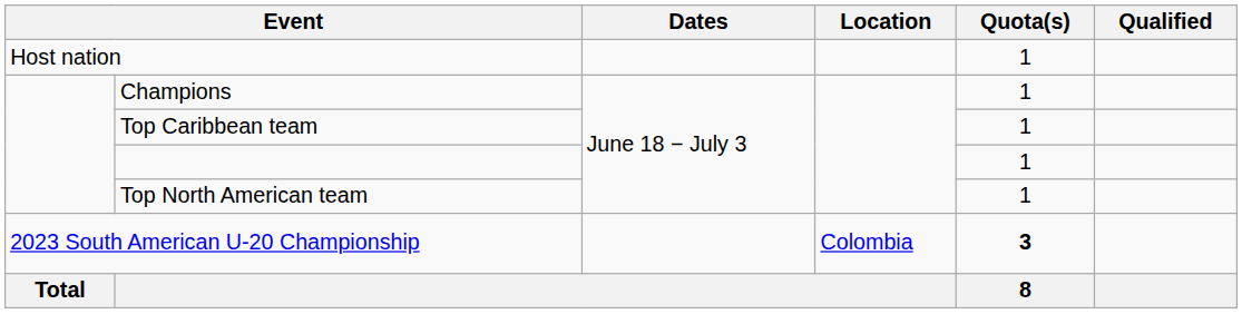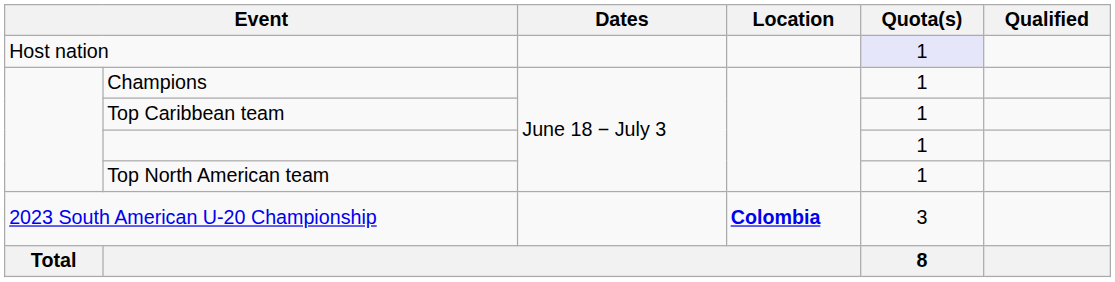 <table class="wikitable" width=900>
 <tr>
 <th colspan=2>Event</th>
 <th>Dates</th>
 <th>Location</th>
 <th>Quota(s)</th>
 <th>Qualified</th>
 </tr>
 <tr>
 <td colspan=2>Host nation</td>
 <td></td>
 <td></td>
-<td align=center>1</td>
+<td align=center style="background: lavender;">1</td>
 <td></td>
 </tr>
 <tr>
 <td rowspan="4"></td>
 <td>Champions</td>
 <td rowspan=4>June 18 − July 3</td>
 <td rowspan=4></td>
 <td align=center>1</td>
 <td></td>
 </tr>
 <tr>
 <td>Top Caribbean team</td>
 <td align=center>1</td>
 <td></td>
 </tr>
 <tr>
 <td></td>
 <td align=center>1</td>
 <td></td>
 </tr>
 <tr>
 <td>Top North American team</td>
 <td align=center>1</td>
 <td></td>
 </tr>
 <tr>
 <td colspan=2><a href='#'>2023 South American U-20 Championship</a></td>
 <td></td>
-<td> <a href='#'>Colombia</a></td>
-<td align=center><strong>3</strong></td>
+<td><strong> <a href='#'>Colombia</a></strong></td>
+<td align=center>3</td>
 <td><br><br></td>
 </tr>
 <tr>
 <th>Total</th>
 <th colspan="3"></th>
 <th>8</th>
 <th></th>
 </tr>
 </table>
